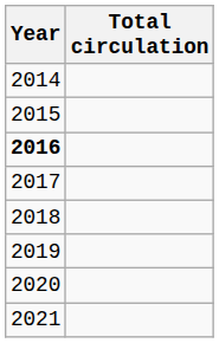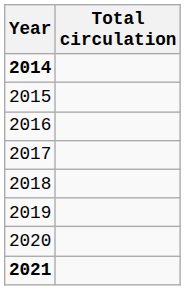 <table class="wikitable">
 <tr>
 <th>Year</th>
 <th>Total<br>circulation</th>
 </tr>
 <tr>
-<td>2014</td>
+<td><strong>2014</strong></td>
 <td></td>
 </tr>
 <tr>
 <td>2015</td>
 <td></td>
 </tr>
 <tr>
-<td><strong>2016</strong></td>
+<td>2016</td>
 <td></td>
 </tr>
 <tr>
 <td>2017</td>
 <td></td>
 </tr>
 <tr>
 <td>2018</td>
 <td></td>
 </tr>
 <tr>
 <td>2019</td>
 <td></td>
 </tr>
 <tr>
 <td>2020</td>
 <td></td>
 </tr>
 <tr>
-<td>2021</td>
+<td><strong>2021</strong></td>
 <td></td>
 </tr>
 </table>
